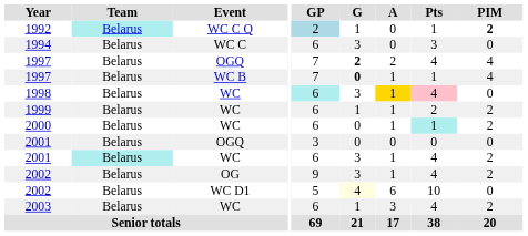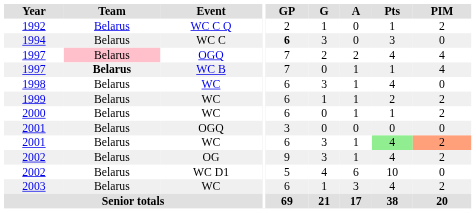 <table border="0" cellpadding="1" cellspacing="0" style="text-align:center; width:40em">
 <tr bgcolor="#e0e0e0">
 <th>Year</th>
 <th>Team</th>
 <th>Event</th>
 <th rowspan="99" bgcolor="#ffffff"></th>
 <th>GP</th>
 <th>G</th>
 <th>A</th>
 <th>Pts</th>
 <th>PIM</th>
 </tr>
 <tr>
 <td><a href='#'>1992</a></td>
-<td style="background: paleturquoise;"><a href='#'>Belarus</a></td>
+<td><a href='#'>Belarus</a></td>
 <td><a href='#'>WC C Q</a></td>
-<td style="background: lightblue;">2</td>
+<td>2</td>
 <td>1</td>
 <td>0</td>
 <td>1</td>
-<td><strong>2</strong></td>
+<td>2</td>
 </tr>
 <tr bgcolor="#f0f0f0">
 <td><a href='#'>1994</a></td>
 <td>Belarus</td>
 <td>WC C</td>
-<td>6</td>
+<td><strong>6</strong></td>
 <td>3</td>
 <td>0</td>
 <td>3</td>
 <td>0</td>
 </tr>
 <tr>
 <td><a href='#'>1997</a></td>
-<td>Belarus</td>
+<td style="background: pink;">Belarus</td>
 <td><a href='#'>OGQ</a></td>
 <td>7</td>
-<td><strong>2</strong></td>
+<td>2</td>
 <td>2</td>
 <td>4</td>
 <td>4</td>
 </tr>
 <tr bgcolor="#f0f0f0">
 <td><a href='#'>1997</a></td>
-<td>Belarus</td>
+<td><strong>Belarus</strong></td>
 <td><a href='#'>WC B</a></td>
 <td>7</td>
-<td><strong>0</strong></td>
+<td>0</td>
 <td>1</td>
 <td>1</td>
 <td>4</td>
 </tr>
 <tr>
 <td><a href='#'>1998</a></td>
 <td>Belarus</td>
 <td><a href='#'>WC</a></td>
-<td style="background: paleturquoise;">6</td>
+<td>6</td>
 <td>3</td>
-<td style="background: gold;">1</td>
-<td style="background: pink;">4</td>
+<td>1</td>
+<td>4</td>
 <td>0</td>
 </tr>
 <tr bgcolor="#f0f0f0">
 <td><a href='#'>1999</a></td>
 <td>Belarus</td>
 <td>WC</td>
 <td>6</td>
 <td>1</td>
 <td>1</td>
 <td>2</td>
 <td>2</td>
 </tr>
 <tr>
 <td><a href='#'>2000</a></td>
 <td>Belarus</td>
 <td>WC</td>
 <td>6</td>
 <td>0</td>
 <td>1</td>
-<td style="background: paleturquoise;">1</td>
+<td>1</td>
 <td>2</td>
 </tr>
 <tr bgcolor="#f0f0f0">
 <td><a href='#'>2001</a></td>
 <td>Belarus</td>
 <td>OGQ</td>
 <td>3</td>
 <td>0</td>
 <td>0</td>
 <td>0</td>
 <td>0</td>
 </tr>
 <tr>
 <td><a href='#'>2001</a></td>
-<td style="background: paleturquoise;">Belarus</td>
+<td>Belarus</td>
 <td>WC</td>
 <td>6</td>
 <td>3</td>
 <td>1</td>
-<td>4</td>
-<td>2</td>
+<td style="background: lightgreen;">4</td>
+<td style="background: lightsalmon;">2</td>
 </tr>
 <tr bgcolor="#f0f0f0">
 <td><a href='#'>2002</a></td>
 <td>Belarus</td>
 <td>OG</td>
 <td>9</td>
 <td>3</td>
 <td>1</td>
 <td>4</td>
 <td>2</td>
 </tr>
 <tr>
 <td><a href='#'>2002</a></td>
 <td>Belarus</td>
 <td>WC D1</td>
 <td>5</td>
-<td style="background: lightyellow;">4</td>
+<td>4</td>
 <td>6</td>
 <td>10</td>
 <td>0</td>
 </tr>
 <tr bgcolor="#f0f0f0">
 <td><a href='#'>2003</a></td>
 <td>Belarus</td>
 <td>WC</td>
 <td>6</td>
 <td>1</td>
 <td>3</td>
 <td>4</td>
 <td>2</td>
 </tr>
 <tr bgcolor="#e0e0e0">
 <th colspan="3">Senior totals</th>
 <th>69</th>
 <th>21</th>
 <th>17</th>
 <th>38</th>
 <th>20</th>
 </tr>
 </table>
